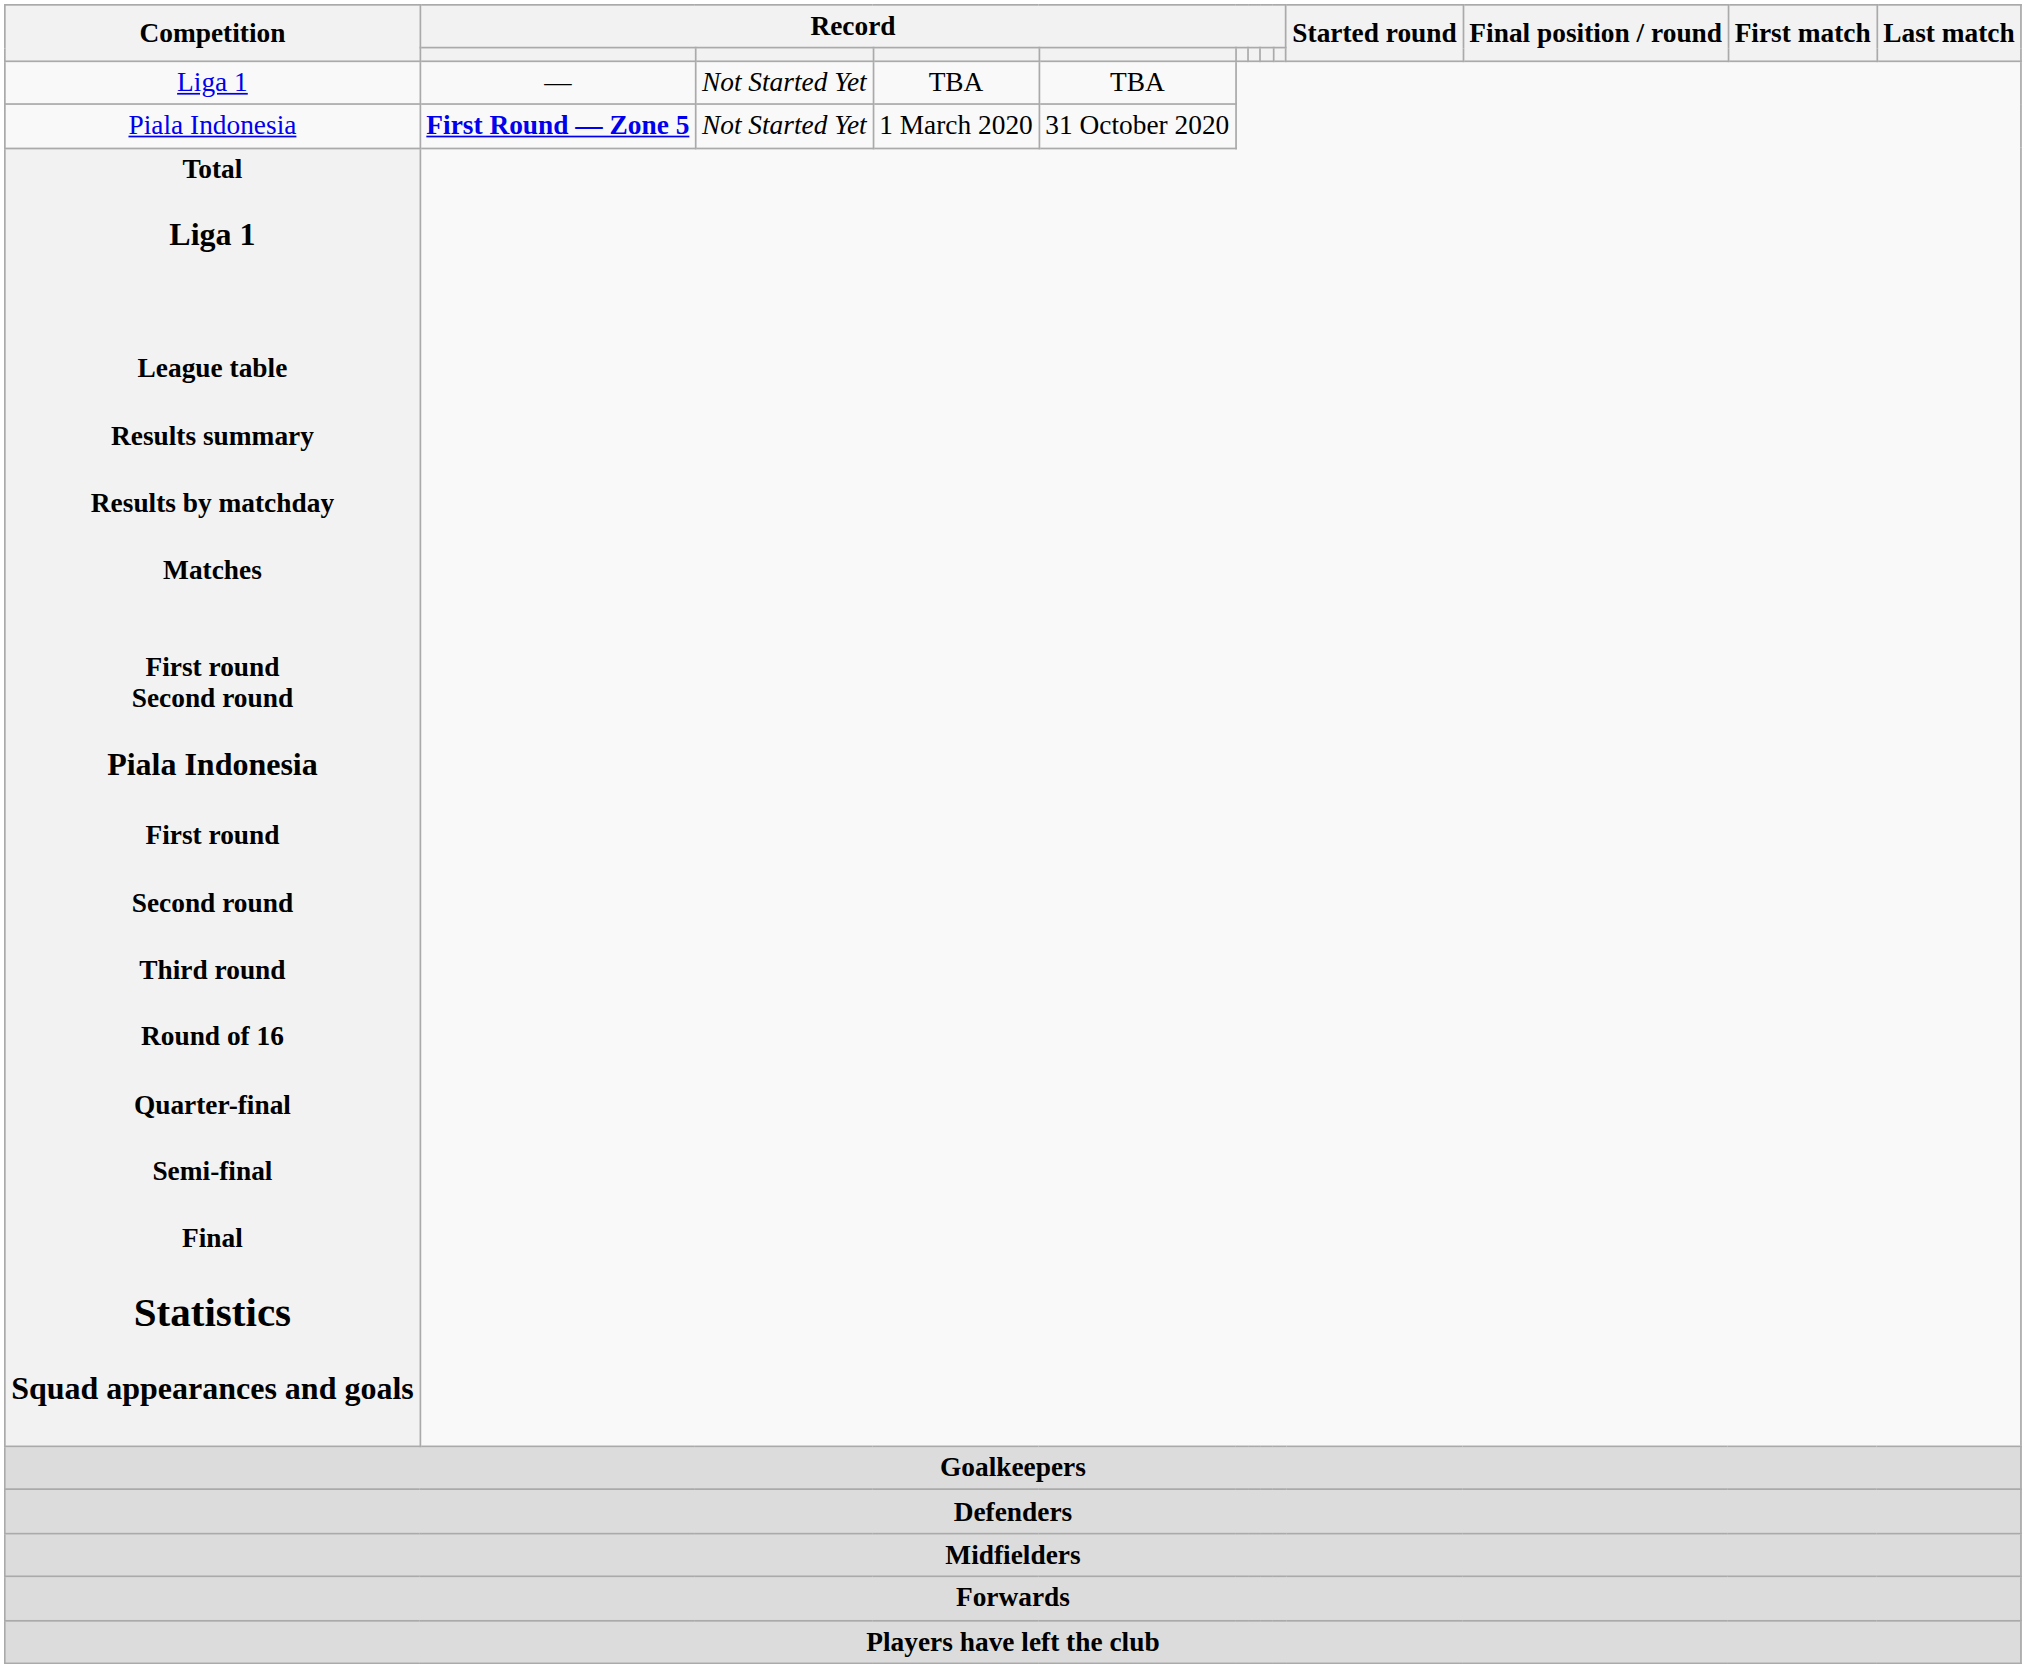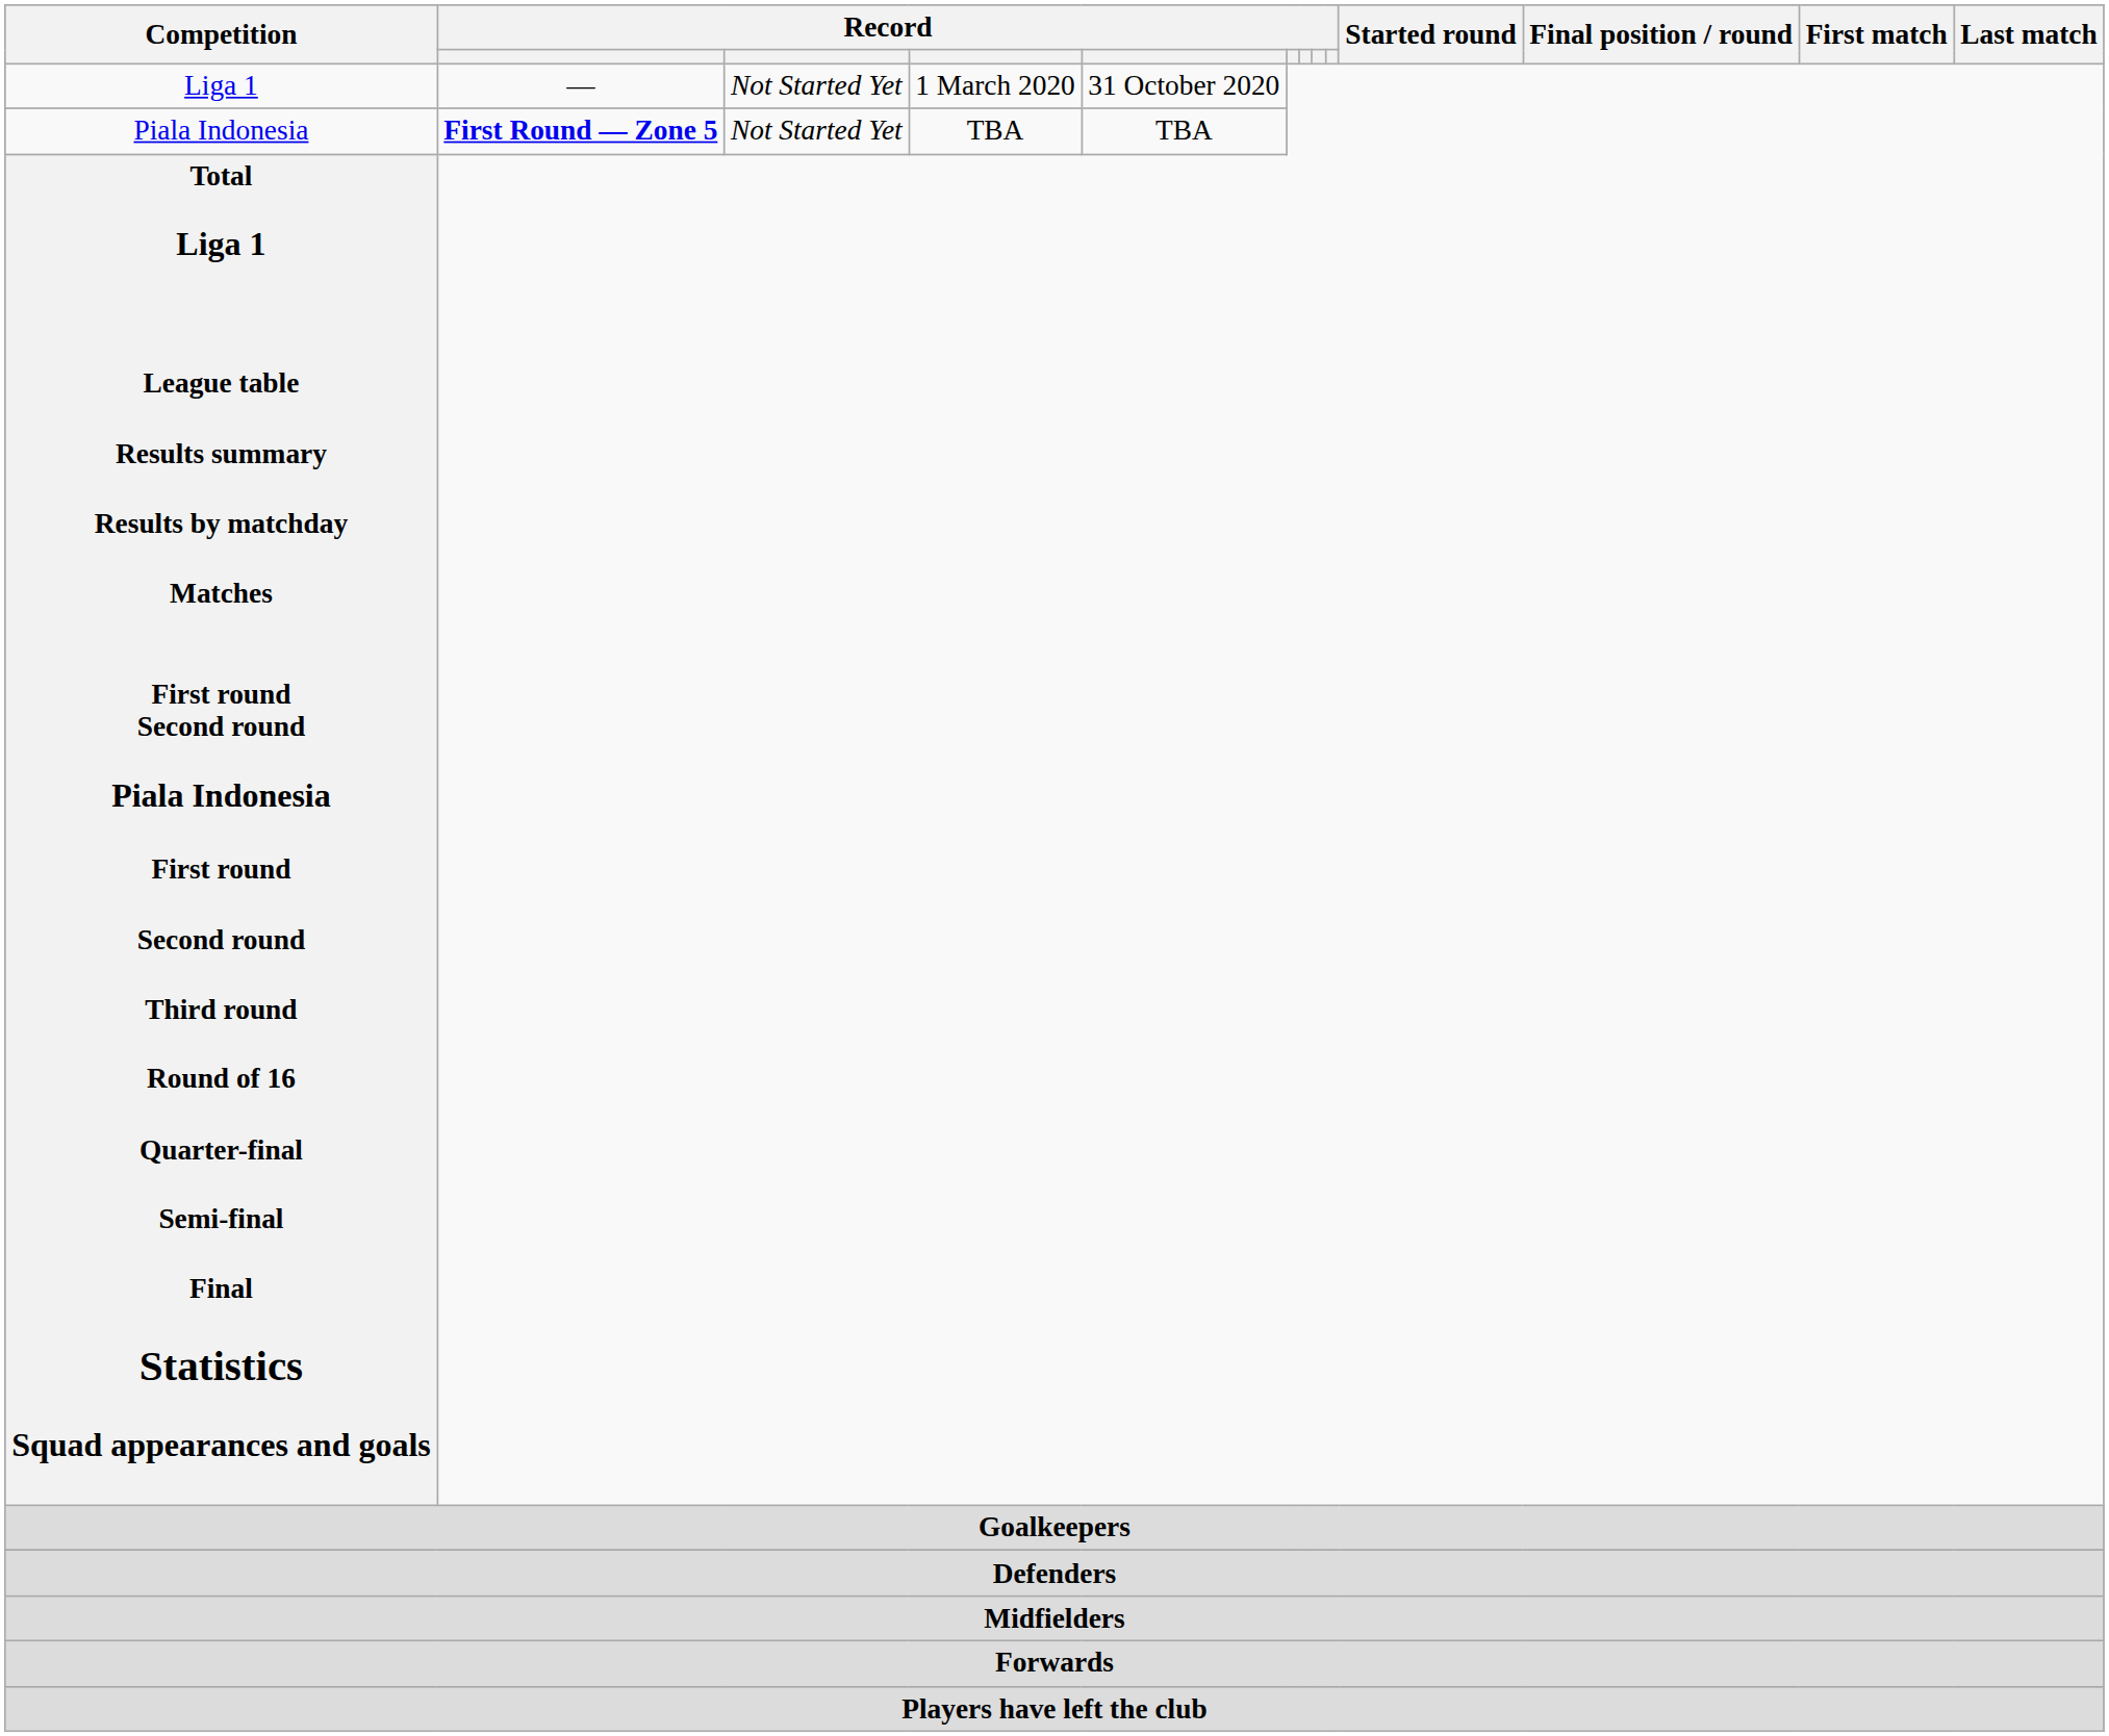 <table class="wikitable" style="text-align: center">
 <tr>
 <th rowspan=2>Competition</th>
 <th colspan=8>Record</th>
 <th rowspan=2>Started round</th>
 <th rowspan=2>Final position / round</th>
 <th rowspan=2>First match</th>
 <th rowspan=2>Last match</th>
 </tr>
 <tr>
 <th></th>
 <th></th>
 <th></th>
 <th></th>
 <th></th>
 <th></th>
 <th></th>
 <th></th>
 </tr>
 <tr>
 <td><a href='#'>Liga 1</a><br></td>
 <td>—</td>
 <td><em>Not Started Yet</em></td>
-<td>TBA</td>
-<td>TBA</td>
+<td>1 March 2020</td>
+<td>31 October 2020</td>
 </tr>
 <tr>
 <td><a href='#'>Piala Indonesia</a><br></td>
 <td><strong><a href='#'>First Round — Zone 5</a></strong></td>
 <td><em>Not Started Yet</em></td>
-<td>1 March 2020</td>
-<td>31 October 2020</td>
+<td>TBA</td>
+<td>TBA</td>
 </tr>
 <tr>
 <th>Total<br> <h3>Liga 1</h3><br><h4>League table</h4><h4>Results summary</h4> <h4>Results by matchday</h4><h4>Matches</h4>  <br><strong>First round</strong>                  <br><strong>Second round</strong>                 <h3>Piala Indonesia</h3><h4>First round</h4><h4>Second round</h4><h4>Third round</h4> <h4>Round of 16</h4> <h4>Quarter-final</h4> <h4>Semi-final</h4> <h4>Final</h4> <h2>Statistics</h2><h3>Squad appearances and goals</h3></th>
 </tr>
 <tr>
 <th colspan=14 style=background:#dcdcdc; text-align:center>Goalkeepers<br>   </th>
 </tr>
 <tr>
 <th colspan=14 style=background:#dcdcdc; text-align:center>Defenders<br>       </th>
 </tr>
 <tr>
 <th colspan=14 style=background:#dcdcdc; text-align:center>Midfielders<br>         </th>
 </tr>
 <tr>
 <th colspan=14 style=background:#dcdcdc; text-align:center>Forwards<br>    </th>
 </tr>
 <tr>
 <th colspan=14 style=background:#dcdcdc>Players have left the club<br></th>
 </tr>
 <tr>
 </tr>
 </table>
